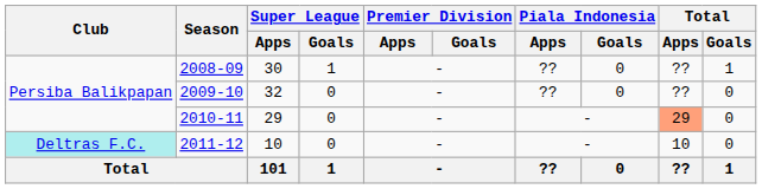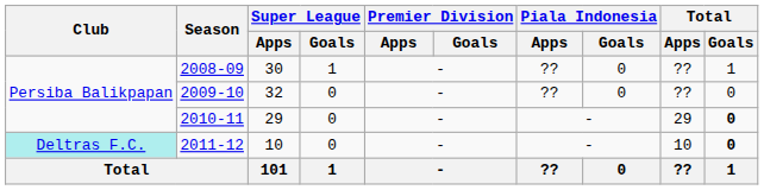 <table class="wikitable" style="font-size:90%; text-align:center;">
 <tr>
 <th rowspan="2">Club</th>
 <th rowspan="2">Season</th>
 <th colspan="2"><a href='#'>Super League</a></th>
 <th colspan="2"><a href='#'>Premier Division</a></th>
 <th colspan="2"><a href='#'>Piala Indonesia</a></th>
 <th colspan="2">Total</th>
 </tr>
 <tr>
 <th>Apps</th>
 <th>Goals</th>
 <th>Apps</th>
 <th>Goals</th>
 <th>Apps</th>
 <th>Goals</th>
 <th>Apps</th>
 <th>Goals</th>
 </tr>
 <tr>
 <td rowspan="3"><a href='#'>Persiba Balikpapan</a></td>
 <td><a href='#'>2008-09</a></td>
 <td>30</td>
 <td>1</td>
 <td colspan="2">-</td>
 <td>??</td>
 <td>0</td>
 <td>??</td>
 <td>1</td>
 </tr>
 <tr>
 <td><a href='#'>2009-10</a></td>
 <td>32</td>
 <td>0</td>
 <td colspan="2">-</td>
 <td>??</td>
 <td>0</td>
 <td>??</td>
 <td>0</td>
 </tr>
 <tr>
 <td><a href='#'>2010-11</a></td>
 <td>29</td>
 <td>0</td>
 <td colspan="2">-</td>
 <td colspan="2">-</td>
-<td style="background: lightsalmon;">29</td>
-<td>0</td>
+<td>29</td>
+<td><strong>0</strong></td>
 </tr>
 <tr>
 <td rowspan="1" style="background: paleturquoise;"><a href='#'>Deltras F.C.</a></td>
 <td><a href='#'>2011-12</a></td>
 <td>10</td>
 <td>0</td>
 <td colspan="2">-</td>
 <td colspan="2">-</td>
 <td>10</td>
-<td>0</td>
+<td><strong>0</strong></td>
 </tr>
 <tr>
 <th colspan="2">Total</th>
 <th>101</th>
 <th>1</th>
 <th colspan="2">-</th>
 <th>??</th>
 <th>0</th>
 <th>??</th>
 <th>1</th>
 </tr>
 </table>
